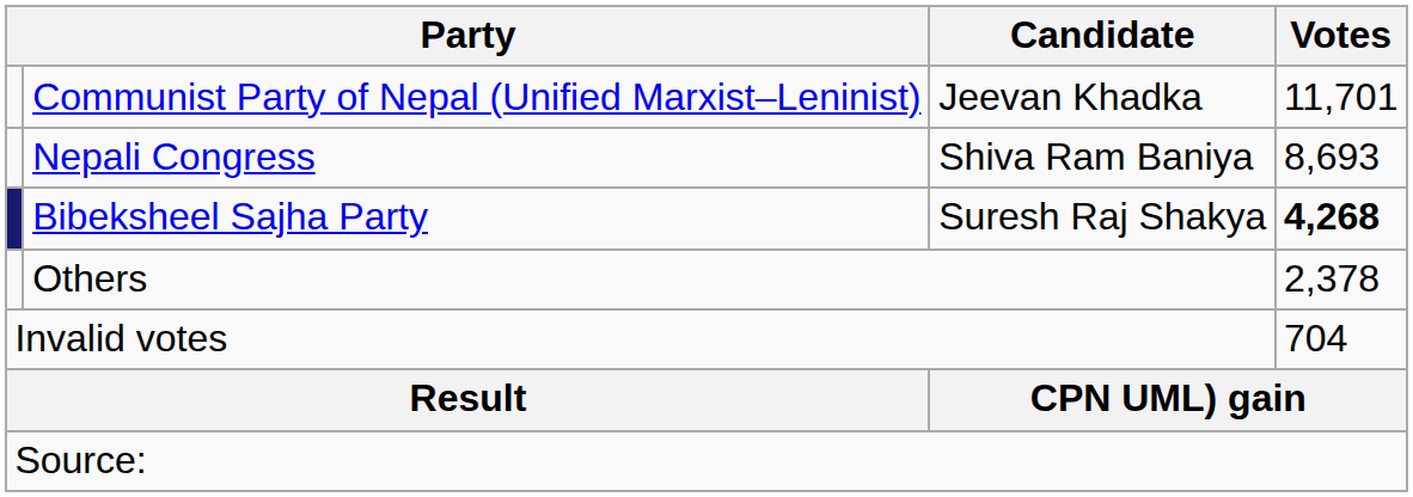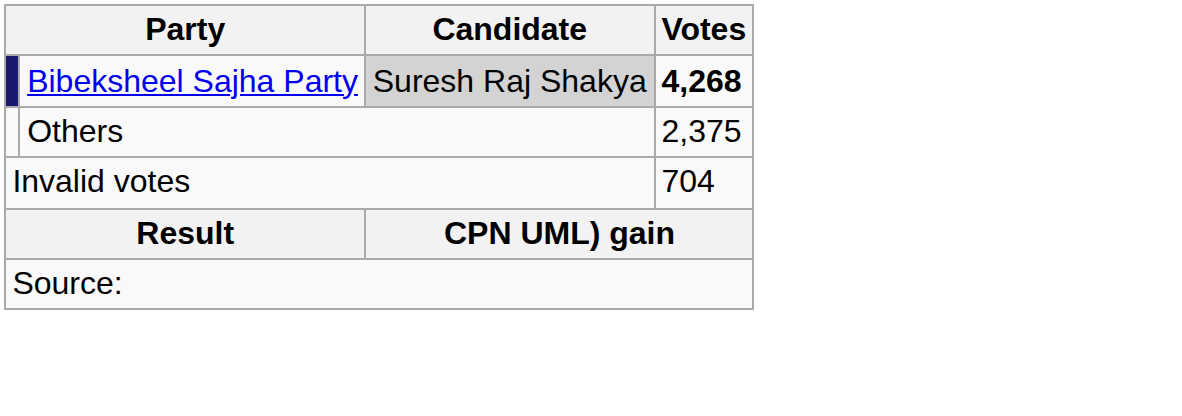 <table class="wikitable">
 <tr>
 <th colspan="2">Party</th>
 <th>Candidate</th>
 <th>Votes</th>
 </tr>
 <tr>
-<td style="background-color:"></td>
-<td><a href='#'>Communist Party of Nepal (Unified Marxist–Leninist)</a></td>
-<td>Jeevan Khadka</td>
-<td>11,701</td>
-</tr>
-<tr>
-<td style="background-color:"></td>
-<td><a href='#'>Nepali Congress</a></td>
-<td>Shiva Ram Baniya</td>
-<td>8,693</td>
-</tr>
-<tr>
 <td style="background-color:midnightblue"></td>
 <td><a href='#'>Bibeksheel Sajha Party</a></td>
-<td>Suresh Raj Shakya</td>
+<td style="background: lightgrey;">Suresh Raj Shakya</td>
 <td><strong>4,268</strong></td>
 </tr>
 <tr>
 <td></td>
 <td colspan="2">Others</td>
-<td>2,378</td>
+<td>2,375</td>
 </tr>
 <tr>
 <td colspan="3">Invalid votes</td>
 <td>704</td>
 </tr>
 <tr>
 <th colspan="2">Result</th>
 <th colspan="2">CPN UML) gain</th>
 </tr>
 <tr>
 <td colspan="4">Source: </td>
 </tr>
 </table>
